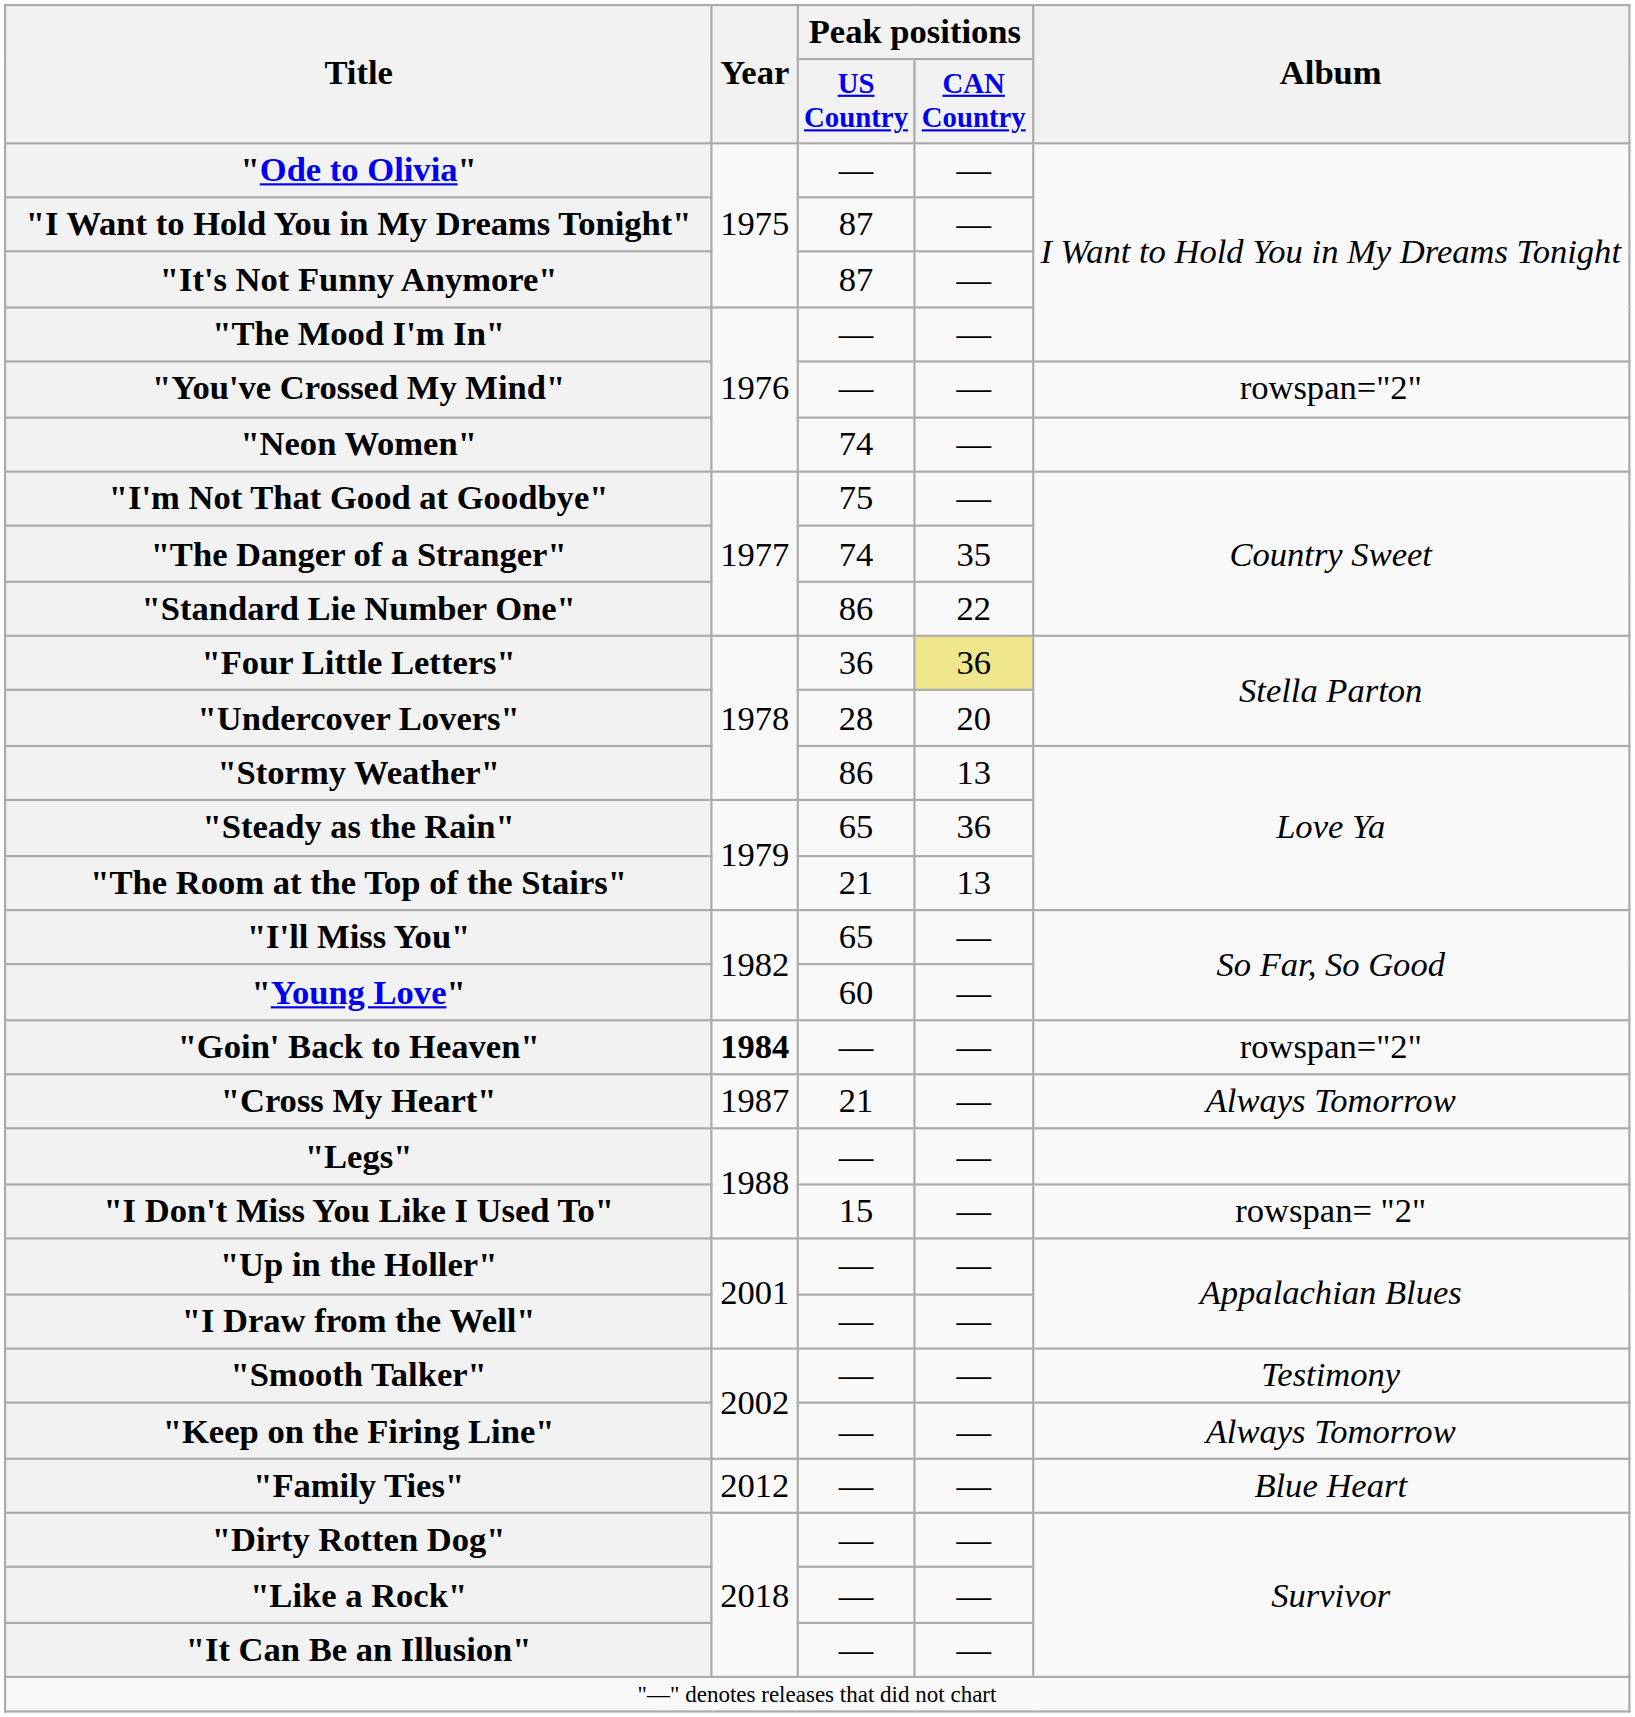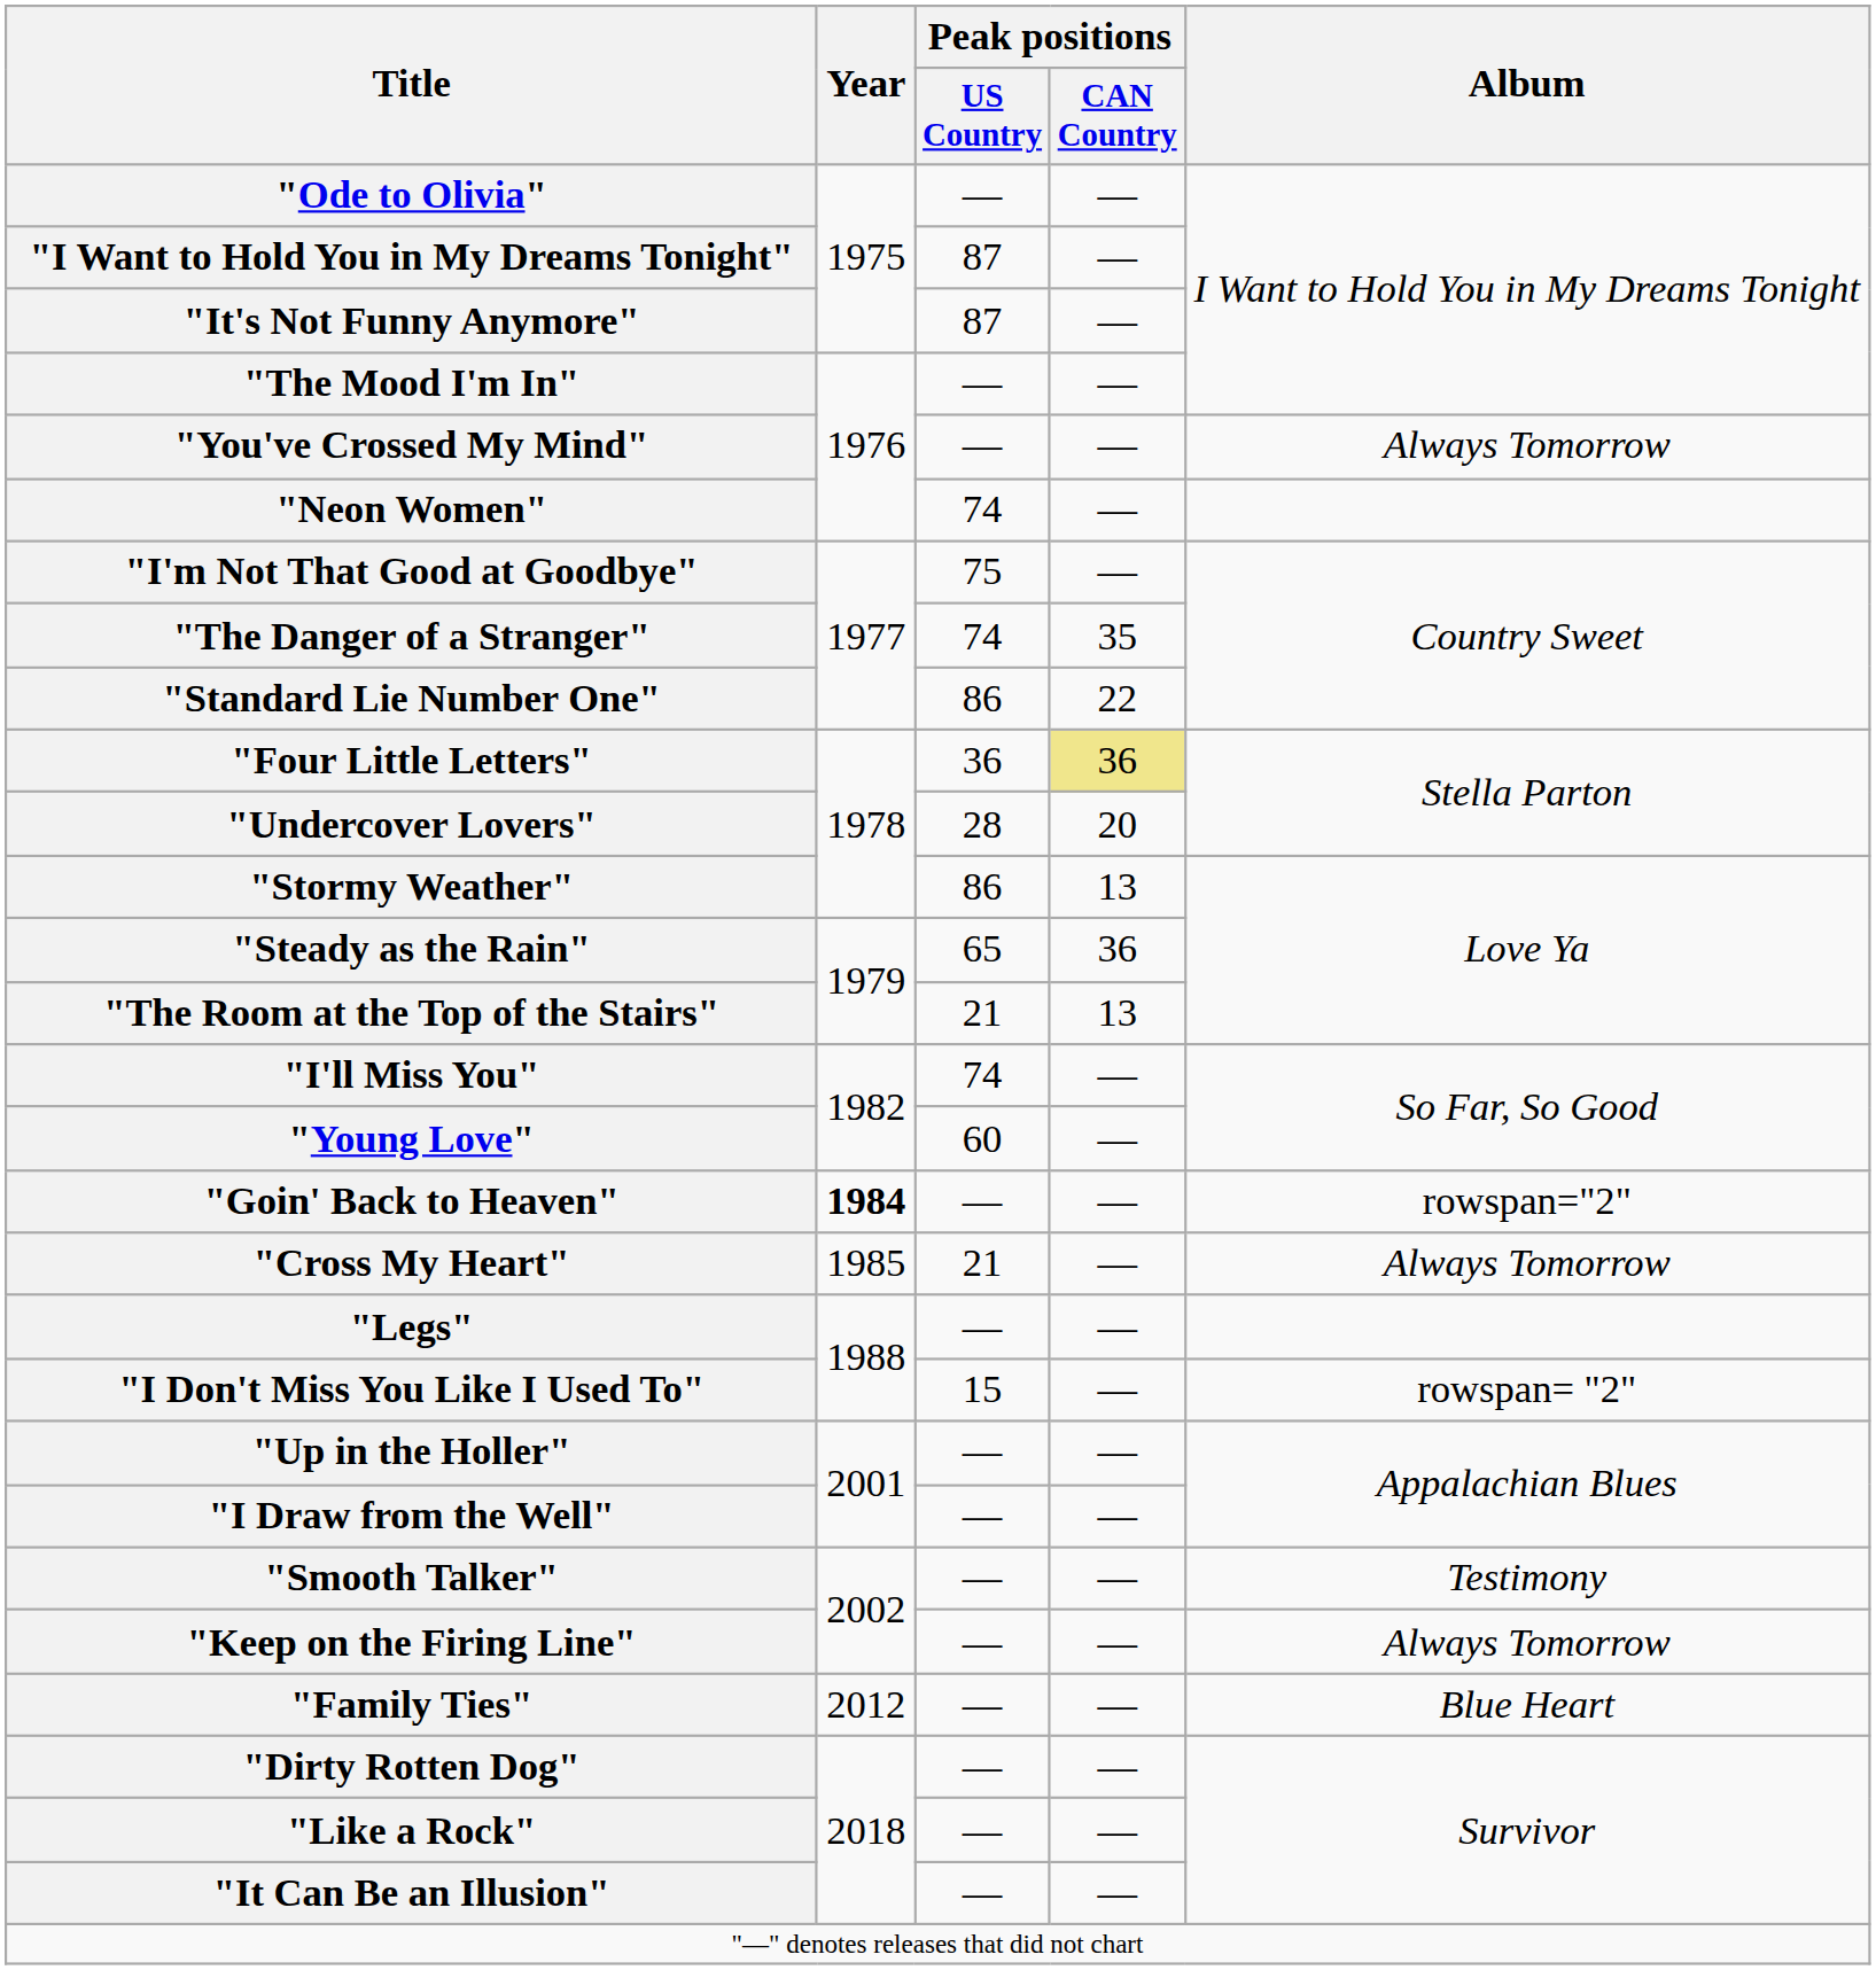 <table class="wikitable plainrowheaders" style="text-align:center;">
 <tr>
 <th rowspan="2" style="width:20em;">Title</th>
 <th rowspan="2">Year</th>
 <th colspan="2">Peak positions</th>
 <th rowspan="2">Album</th>
 </tr>
 <tr style="font-size:smaller;">
 <th width="45"><a href='#'>US Country</a><br></th>
 <th width="45"><a href='#'>CAN Country</a></th>
 </tr>
 <tr>
 <th scope="row">"<a href='#'>Ode to Olivia</a>"</th>
 <td rowspan="3">1975</td>
 <td>—</td>
 <td>—</td>
 <td rowspan="4"><em>I Want to Hold You in My Dreams Tonight</em></td>
 </tr>
 <tr>
 <th scope="row">"I Want to Hold You in My Dreams Tonight"</th>
 <td>87</td>
 <td>—</td>
 </tr>
 <tr>
 <th scope="row">"It's Not Funny Anymore"</th>
 <td>87</td>
 <td>—</td>
 </tr>
 <tr>
 <th scope="row">"The Mood I'm In"</th>
 <td rowspan = "3">1976</td>
 <td>—</td>
 <td>—</td>
 </tr>
 <tr>
 <th scope="row">"You've Crossed My Mind"</th>
 <td>—</td>
 <td>—</td>
-<td>rowspan="2" </td>
+<td><em>Always Tomorrow</em></td>
 </tr>
 <tr>
 <th scope="row">"Neon Women" </th>
 <td>74</td>
 <td>—</td>
 </tr>
 <tr>
 <th scope="row">"I'm Not That Good at Goodbye"</th>
 <td rowspan="3">1977</td>
 <td>75</td>
 <td>—</td>
 <td rowspan="3"><em>Country Sweet</em></td>
 </tr>
 <tr>
 <th scope="row">"The Danger of a Stranger"</th>
 <td>74</td>
 <td>35</td>
 </tr>
 <tr>
 <th scope="row">"Standard Lie Number One"</th>
 <td>86</td>
 <td>22</td>
 </tr>
 <tr>
 <th scope="row">"Four Little Letters"</th>
 <td rowspan="3">1978</td>
 <td>36</td>
 <td style="background: khaki;">36</td>
 <td rowspan="2"><em>Stella Parton</em></td>
 </tr>
 <tr>
 <th scope="row">"Undercover Lovers"</th>
 <td>28</td>
 <td>20</td>
 </tr>
 <tr>
 <th scope="row">"Stormy Weather"</th>
 <td>86</td>
 <td>13</td>
 <td rowspan="3"><em>Love Ya</em></td>
 </tr>
 <tr>
 <th scope="row">"Steady as the Rain"</th>
 <td rowspan="2">1979</td>
 <td>65</td>
 <td>36</td>
 </tr>
 <tr>
 <th scope="row">"The Room at the Top of the Stairs"</th>
 <td>21</td>
 <td>13</td>
 </tr>
 <tr>
 <th scope="row">"I'll Miss You"</th>
 <td rowspan="2">1982</td>
-<td>65</td>
+<td>74</td>
 <td>—</td>
 <td rowspan="2"><em>So Far, So Good</em></td>
 </tr>
 <tr>
 <th scope="row">"<a href='#'>Young Love</a>"</th>
 <td>60</td>
 <td>—</td>
 </tr>
 <tr>
 <th scope="row">"Goin' Back to Heaven" </th>
 <td><strong>1984</strong></td>
 <td>—</td>
 <td>—</td>
 <td>rowspan="2" </td>
 </tr>
 <tr>
 <th scope="row">"Cross My Heart"</th>
-<td>1987</td>
+<td>1985</td>
 <td>21</td>
 <td>—</td>
 <td><em>Always Tomorrow</em></td>
 </tr>
 <tr>
 <th scope="row">"Legs"</th>
 <td rowspan = "2">1988</td>
 <td>—</td>
 <td>—</td>
 </tr>
 <tr>
 <th scope="row">"I Don't Miss You Like I Used To"</th>
 <td>15</td>
 <td>—</td>
 <td>rowspan= "2" </td>
 </tr>
 <tr>
 <th scope="row">"Up in the Holler"</th>
 <td rowspan = "2">2001</td>
 <td>—</td>
 <td>—</td>
 <td rowspan = "2"><em>Appalachian Blues</em></td>
 </tr>
 <tr>
 <th scope = "row">"I Draw from the Well"</th>
 <td>—</td>
 <td>—</td>
 </tr>
 <tr>
 <th scope = "row">"Smooth Talker"</th>
 <td rowspan = "2">2002</td>
 <td>—</td>
 <td>—</td>
 <td><em>Testimony</em></td>
 </tr>
 <tr>
 <th scope = "row">"Keep on the Firing Line"</th>
 <td>—</td>
 <td>—</td>
 <td><em>Always Tomorrow</em></td>
 </tr>
 <tr>
 <th scope="row">"Family Ties"</th>
 <td>2012</td>
 <td>—</td>
 <td>—</td>
 <td><em>Blue Heart</em></td>
 </tr>
 <tr>
 <th scope="row">"Dirty Rotten Dog"</th>
 <td rowspan = "3">2018</td>
 <td>—</td>
 <td>—</td>
 <td rowspan = "3"><em>Survivor</em></td>
 </tr>
 <tr>
 <th scope="row">"Like a Rock"</th>
 <td>—</td>
 <td>—</td>
 </tr>
 <tr>
 <th scope="row">"It Can Be an Illusion"</th>
 <td>—</td>
 <td>—</td>
 </tr>
 <tr>
 <td colspan="6" style="font-size:8pt">"—" denotes releases that did not chart</td>
 </tr>
 </table>
